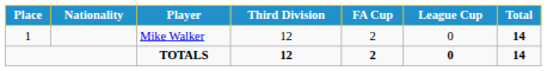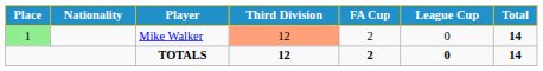 <table class="wikitable" style="text-align:center; font-size:90%; width:100%;">
 <tr>
 <th style="background:#2191CC; color:white; border:1px solid #F7C408; text-align:center;">Place</th>
 <th style="background:#2191CC; color:white; border:1px solid #F7C408; text-align:center;">Nationality</th>
 <th style="background:#2191CC; color:white; border:1px solid #F7C408; text-align:center;">Player</th>
 <th style="background:#2191CC; color:white; border:1px solid #F7C408; text-align:center;">Third Division</th>
 <th style="background:#2191CC; color:white; border:1px solid #F7C408; text-align:center;">FA Cup</th>
 <th style="background:#2191CC; color:white; border:1px solid #F7C408; text-align:center;">League Cup</th>
 <th style="background:#2191CC; color:white; border:1px solid #F7C408; text-align:center;">Total</th>
 </tr>
 <tr>
-<td>1</td>
+<td style="background: lightgreen;">1</td>
 <td></td>
 <td align="left"><a href='#'>Mike Walker</a></td>
-<td>12</td>
+<td style="background: lightsalmon;">12</td>
 <td>2</td>
 <td>0</td>
 <td><strong>14</strong></td>
 </tr>
 <tr>
 <td colspan="2"></td>
 <td><strong>TOTALS</strong></td>
 <td><strong>12</strong></td>
 <td><strong>2</strong></td>
 <td><strong>0</strong></td>
 <td><strong>14</strong></td>
 </tr>
 </table>
